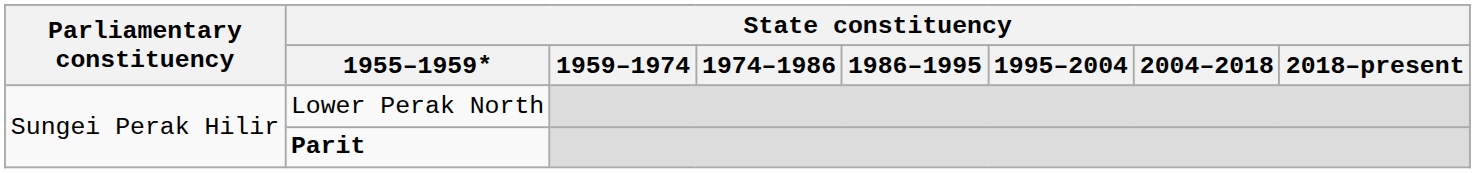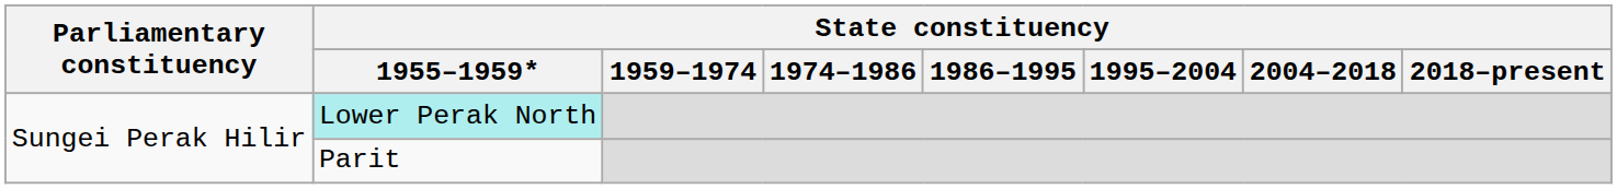 <table class="wikitable">
 <tr>
 <th rowspan="2">Parliamentary<br>constituency</th>
 <th colspan="7">State constituency</th>
 </tr>
 <tr>
 <th>1955–1959*</th>
 <th>1959–1974</th>
 <th>1974–1986</th>
 <th>1986–1995</th>
 <th>1995–2004</th>
 <th>2004–2018</th>
 <th>2018–present</th>
 </tr>
 <tr>
 <td rowspan="2">Sungei Perak Hilir</td>
-<td>Lower Perak North</td>
+<td style="background: paleturquoise;">Lower Perak North</td>
 <td colspan="6" bgcolor="dcdcdc"></td>
 </tr>
 <tr>
-<td><strong>Parit</strong></td>
+<td>Parit</td>
 <td colspan="6" bgcolor="dcdcdc"></td>
 </tr>
 </table>
